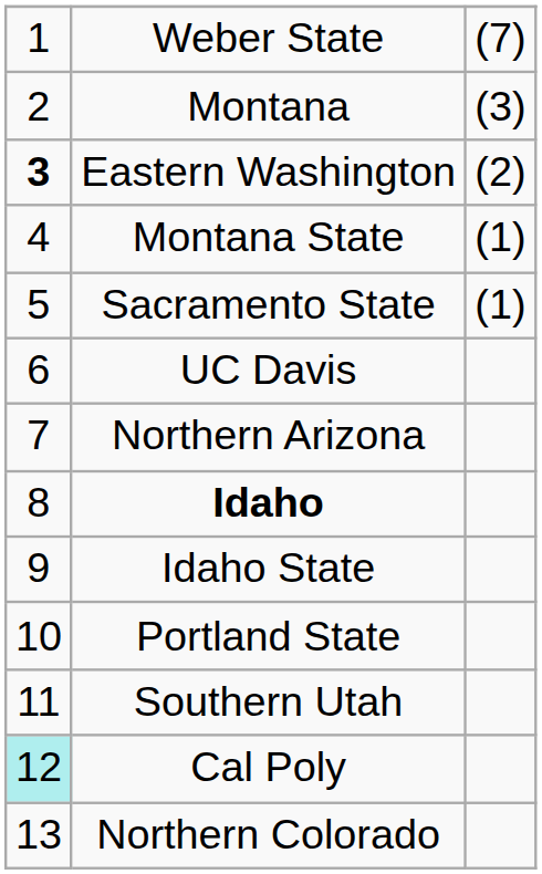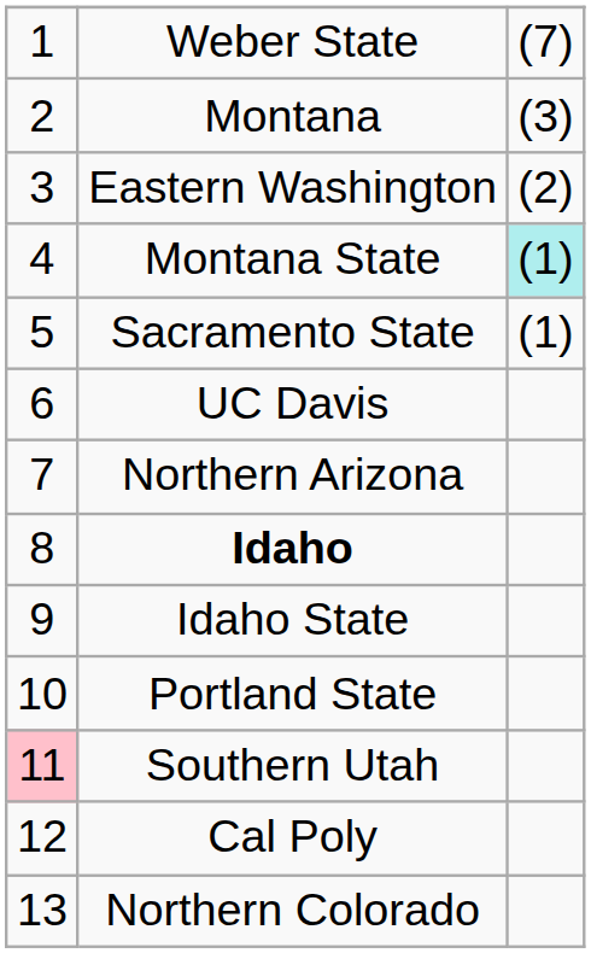 <table class="wikitable" style="display: inline-table;">
 <tr align="center">
 </tr>
 <tr align="center">
 <td>1</td>
 <td>Weber State</td>
 <td>(7)</td>
 </tr>
 <tr align="center">
 <td>2</td>
 <td>Montana</td>
 <td>(3)</td>
 </tr>
 <tr align="center">
-<td><strong>3</strong></td>
+<td>3</td>
 <td>Eastern Washington</td>
 <td>(2)</td>
 </tr>
 <tr align="center">
 <td>4</td>
 <td>Montana State</td>
-<td>(1)</td>
+<td style="background: paleturquoise;">(1)</td>
 </tr>
 <tr align="center">
 <td>5</td>
 <td>Sacramento State</td>
 <td>(1)</td>
 </tr>
 <tr align="center">
 <td>6</td>
 <td>UC Davis</td>
 <td></td>
 </tr>
 <tr align="center">
 <td>7</td>
 <td>Northern Arizona</td>
 <td></td>
 </tr>
 <tr align="center">
 <td>8</td>
 <td><strong>Idaho</strong></td>
 <td></td>
 </tr>
 <tr align="center">
 <td>9</td>
 <td>Idaho State</td>
 <td></td>
 </tr>
 <tr align="center">
 <td>10</td>
 <td>Portland State</td>
 <td></td>
 </tr>
 <tr align="center">
-<td>11</td>
+<td style="background: pink;">11</td>
 <td>Southern Utah</td>
 <td></td>
 </tr>
 <tr align="center">
-<td style="background: paleturquoise;">12</td>
+<td>12</td>
 <td>Cal Poly</td>
 <td></td>
 </tr>
 <tr align="center">
 <td>13</td>
 <td>Northern Colorado</td>
 <td></td>
 </tr>
 </table>
